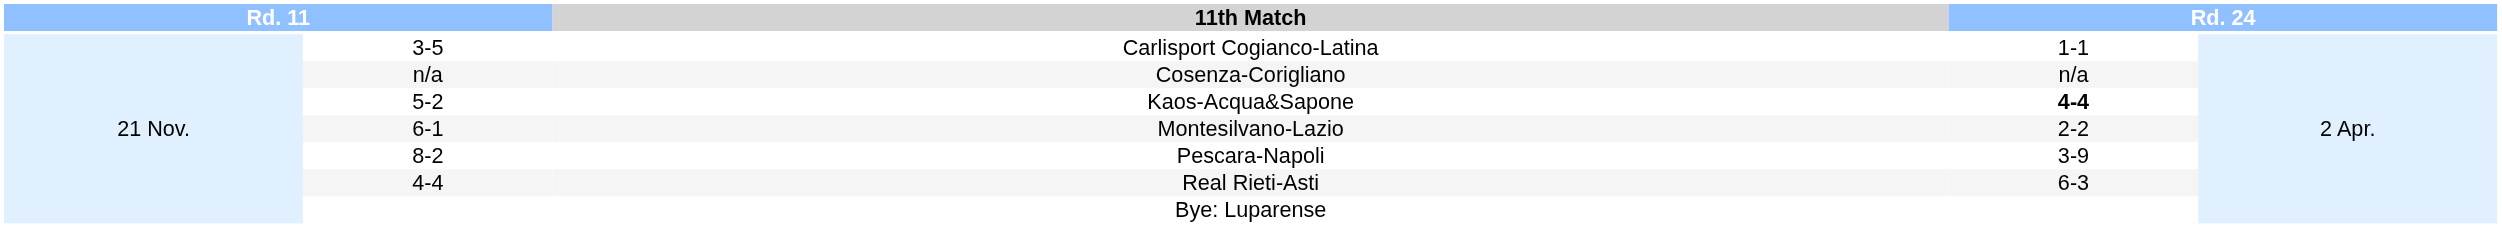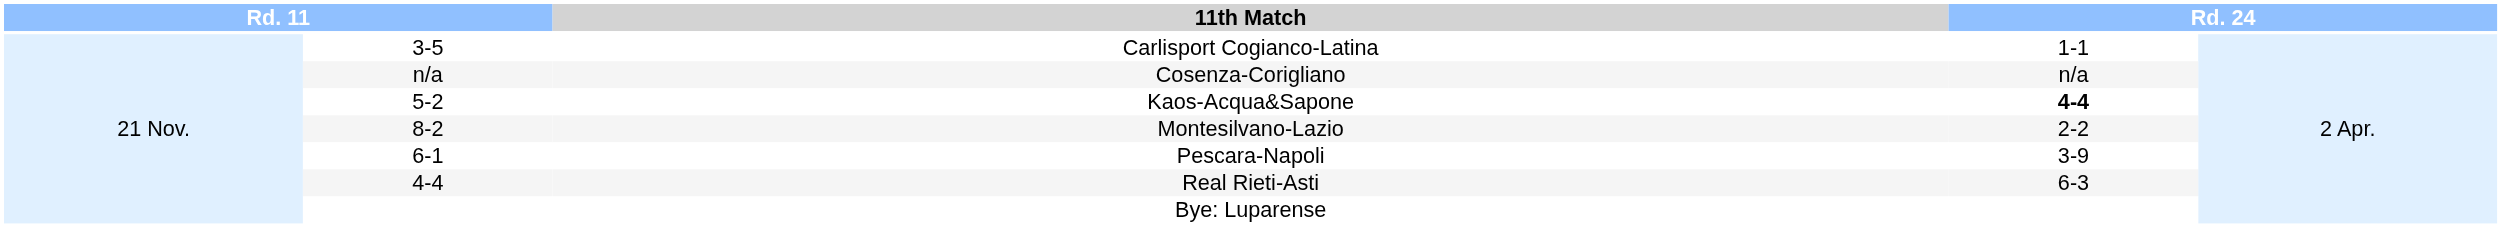 <table border=0 cellspacing=0 cellpadding=1 style="font-size: 85%; text-align: center;" width=99%>
 <tr>
 <td colspan=2 style="background:#90C0FF;color:white;"><strong>Rd. 11</strong></td>
 <td style="background:#D3D3D3"><strong>11th Match</strong></td>
 <td colspan=2 style="background:#90C0FF;color:white;"><strong>Rd. 24 </strong></td>
 </tr>
 <tr align=center>
 <th width=12%></th>
 <th width=10%></th>
 <th width=56%></th>
 <th width=10%></th>
 <th width=12%></th>
 </tr>
 <tr>
 <td style="background:#E0F0FF" rowspan=7>21 Nov.</td>
 <td>3-5</td>
 <td>Carlisport Cogianco-Latina</td>
 <td>1-1</td>
 <td rowspan=7 style="background:#E0F0FF">2 Apr.</td>
 </tr>
 <tr style="background:#F5F5F5">
 <td>n/a</td>
 <td>Cosenza-Corigliano</td>
 <td>n/a</td>
 </tr>
 <tr style="background:#FFFFFF">
 <td>5-2</td>
 <td>Kaos-Acqua&Sapone</td>
 <td><strong>4-4</strong></td>
 </tr>
 <tr style="background:#F5F5F5">
-<td>6-1</td>
+<td>8-2</td>
 <td>Montesilvano-Lazio</td>
 <td>2-2</td>
 </tr>
 <tr style="background:#FFFFFF">
-<td>8-2</td>
+<td>6-1</td>
 <td>Pescara-Napoli</td>
 <td>3-9</td>
 </tr>
 <tr style="background:#F5F5F5">
 <td>4-4</td>
 <td>Real Rieti-Asti</td>
 <td>6-3</td>
 </tr>
 <tr style="background:#FFFFFF">
 <td></td>
 <td>Bye: Luparense</td>
 <td></td>
 </tr>
 </table>
